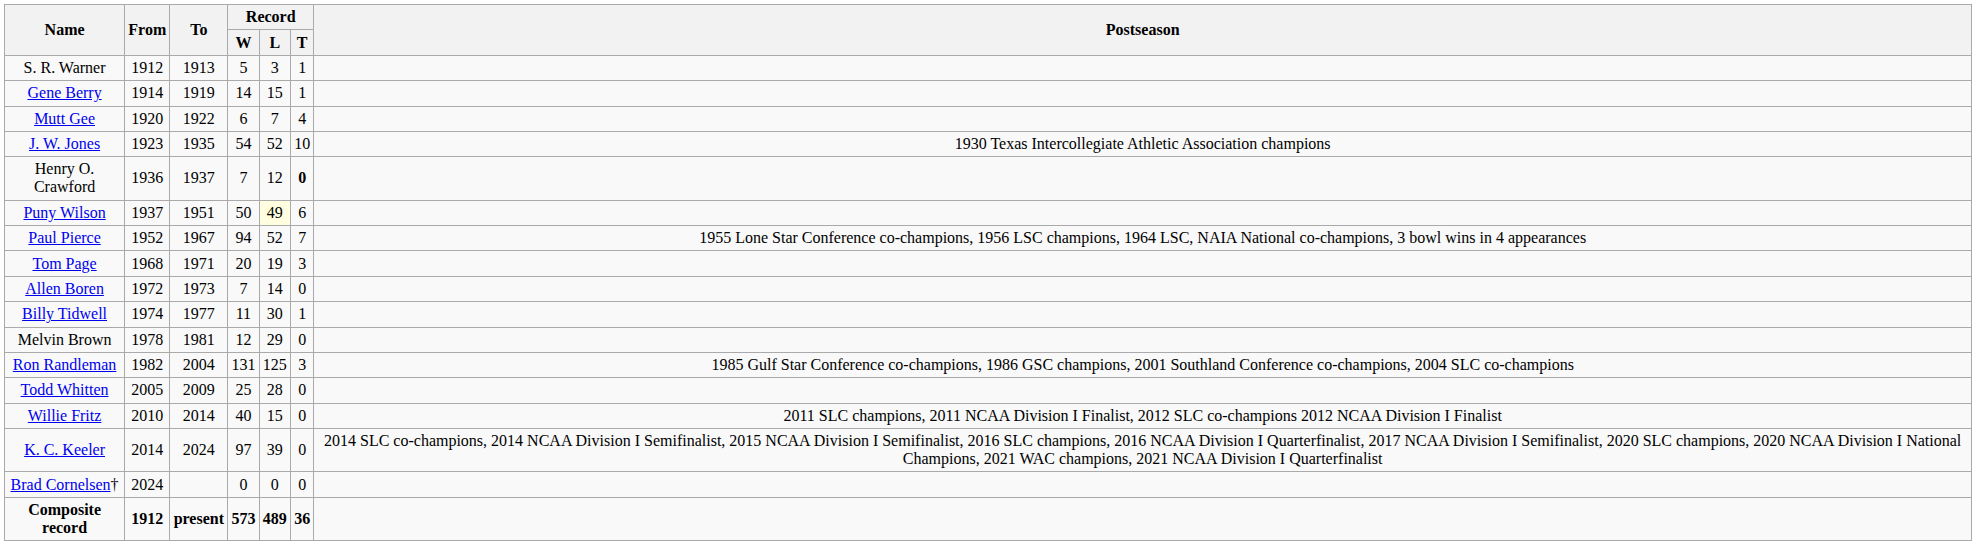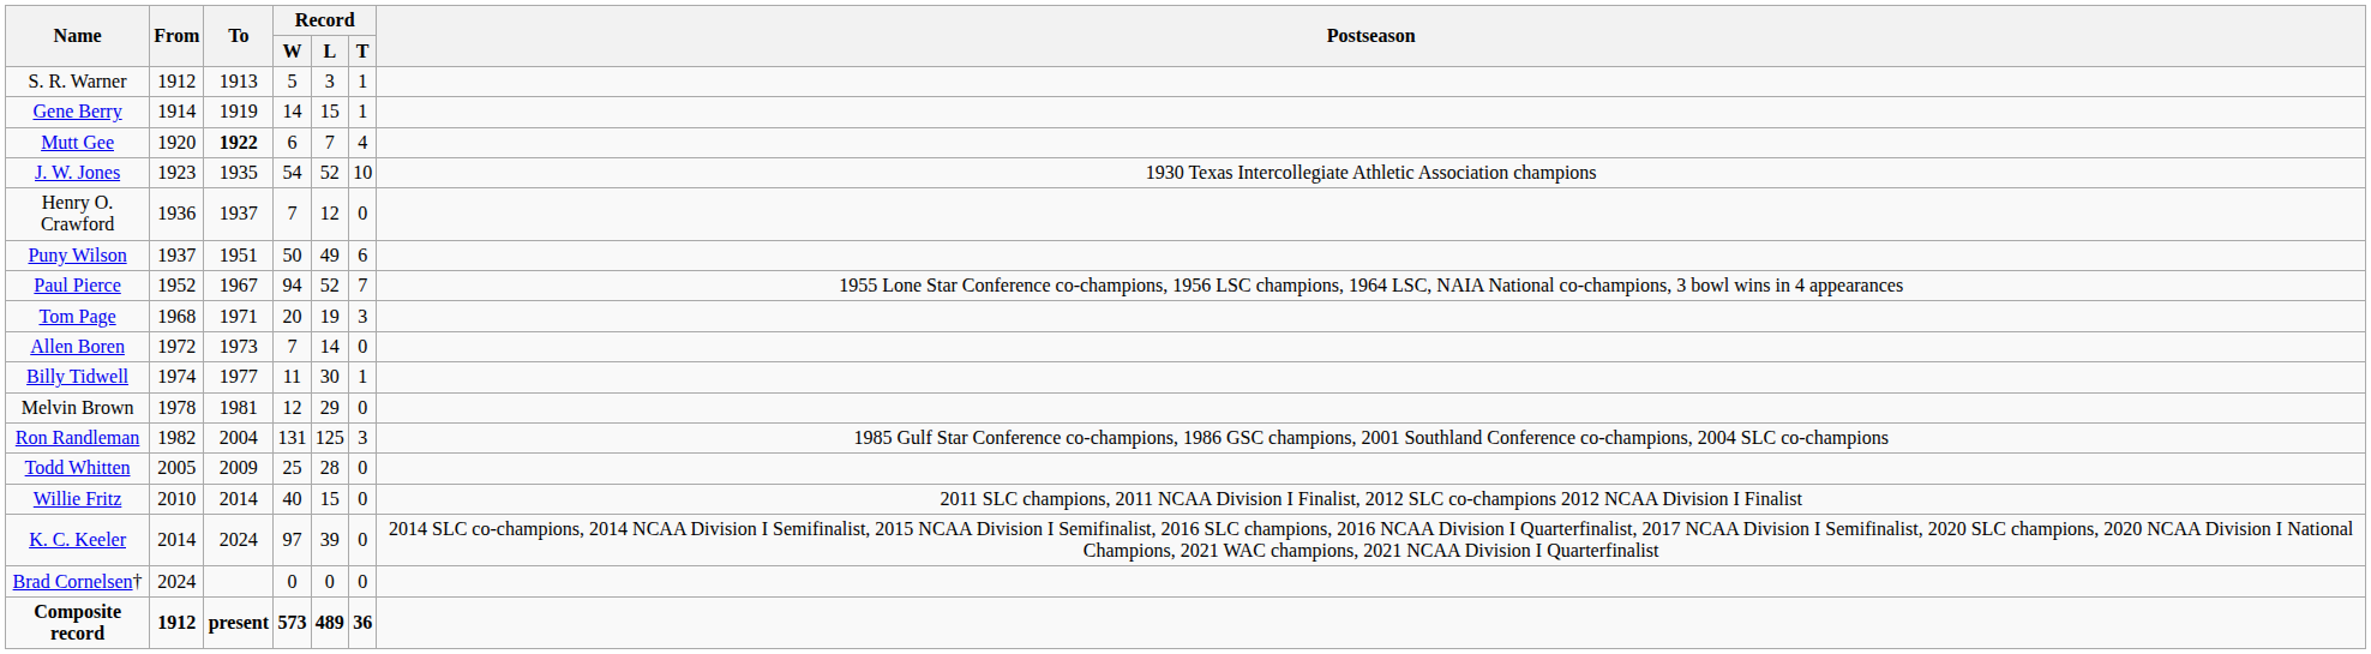 <table class="wikitable" style="text-align: center">
 <tr>
 <th rowspan="2">Name</th>
 <th rowspan="2">From</th>
 <th rowspan="2">To</th>
 <th colspan="3">Record</th>
 <th rowspan="2">Postseason</th>
 </tr>
 <tr>
 <th>W</th>
 <th>L</th>
 <th>T</th>
 </tr>
 <tr>
 <td>S. R. Warner</td>
 <td>1912</td>
 <td>1913</td>
 <td>5</td>
 <td>3</td>
 <td>1</td>
 <td></td>
 </tr>
 <tr>
 <td><a href='#'>Gene Berry</a></td>
 <td>1914</td>
 <td>1919</td>
 <td>14</td>
 <td>15</td>
 <td>1</td>
 <td></td>
 </tr>
 <tr>
 <td><a href='#'>Mutt Gee</a></td>
 <td>1920</td>
-<td>1922</td>
+<td><strong>1922</strong></td>
 <td>6</td>
 <td>7</td>
 <td>4</td>
 <td></td>
 </tr>
 <tr>
 <td><a href='#'>J. W. Jones</a></td>
 <td>1923</td>
 <td>1935</td>
 <td>54</td>
 <td>52</td>
 <td>10</td>
 <td>1930 Texas Intercollegiate Athletic Association champions</td>
 </tr>
 <tr>
 <td>Henry O. Crawford</td>
 <td>1936</td>
 <td>1937</td>
 <td>7</td>
 <td>12</td>
-<td><strong>0</strong></td>
+<td>0</td>
 <td></td>
 </tr>
 <tr>
 <td><a href='#'>Puny Wilson</a></td>
 <td>1937</td>
 <td>1951</td>
 <td>50</td>
-<td style="background: lightyellow;">49</td>
+<td>49</td>
 <td>6</td>
 <td></td>
 </tr>
 <tr>
 <td><a href='#'>Paul Pierce</a></td>
 <td>1952</td>
 <td>1967</td>
 <td>94</td>
 <td>52</td>
 <td>7</td>
 <td>1955 Lone Star Conference co-champions, 1956 LSC champions, 1964 LSC, NAIA National co-champions, 3 bowl wins in 4 appearances</td>
 </tr>
 <tr>
 <td><a href='#'>Tom Page</a></td>
 <td>1968</td>
 <td>1971</td>
 <td>20</td>
 <td>19</td>
 <td>3</td>
 <td></td>
 </tr>
 <tr>
 <td><a href='#'>Allen Boren</a></td>
 <td>1972</td>
 <td>1973</td>
 <td>7</td>
 <td>14</td>
 <td>0</td>
 <td></td>
 </tr>
 <tr>
 <td><a href='#'>Billy Tidwell</a></td>
 <td>1974</td>
 <td>1977</td>
 <td>11</td>
 <td>30</td>
 <td>1</td>
 <td></td>
 </tr>
 <tr>
 <td>Melvin Brown</td>
 <td>1978</td>
 <td>1981</td>
 <td>12</td>
 <td>29</td>
 <td>0</td>
 <td></td>
 </tr>
 <tr>
 <td><a href='#'>Ron Randleman</a></td>
 <td>1982</td>
 <td>2004</td>
 <td>131</td>
 <td>125</td>
 <td>3</td>
 <td>1985 Gulf Star Conference co-champions, 1986 GSC champions, 2001 Southland Conference co-champions, 2004 SLC co-champions</td>
 </tr>
 <tr>
 <td><a href='#'>Todd Whitten</a></td>
 <td>2005</td>
 <td>2009</td>
 <td>25</td>
 <td>28</td>
 <td>0</td>
 <td></td>
 </tr>
 <tr>
 <td><a href='#'>Willie Fritz</a></td>
 <td>2010</td>
 <td>2014</td>
 <td>40</td>
 <td>15</td>
 <td>0</td>
 <td>2011 SLC champions, 2011 NCAA Division I Finalist, 2012 SLC co-champions 2012 NCAA Division I Finalist</td>
 </tr>
 <tr>
 <td><a href='#'>K. C. Keeler</a></td>
 <td>2014</td>
 <td>2024</td>
 <td>97</td>
 <td>39</td>
 <td>0</td>
 <td>2014 SLC co-champions, 2014 NCAA Division I Semifinalist, 2015 NCAA Division I Semifinalist, 2016 SLC champions, 2016 NCAA Division I Quarterfinalist, 2017 NCAA Division I Semifinalist, 2020 SLC champions, 2020 NCAA Division I National Champions, 2021 WAC champions, 2021 NCAA Division I Quarterfinalist</td>
 </tr>
 <tr>
 <td><a href='#'>Brad Cornelsen</a>†</td>
 <td>2024</td>
 <td></td>
 <td>0</td>
 <td>0</td>
 <td>0</td>
 <td></td>
 </tr>
 <tr>
 <td><strong>Composite record</strong></td>
 <td><strong>1912</strong></td>
 <td><strong>present</strong></td>
 <td><strong>573</strong></td>
 <td><strong>489</strong></td>
 <td><strong>36</strong></td>
 <td></td>
 </tr>
 </table>
